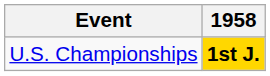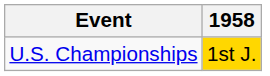 <table class="wikitable">
 <tr>
 <th>Event</th>
 <th>1958</th>
 </tr>
 <tr>
 <td><a href='#'>U.S. Championships</a></td>
-<td align="center" bgcolor="gold"><strong>1st J.</strong></td>
+<td align="center" bgcolor="gold">1st J.</td>
 </tr>
 </table>
